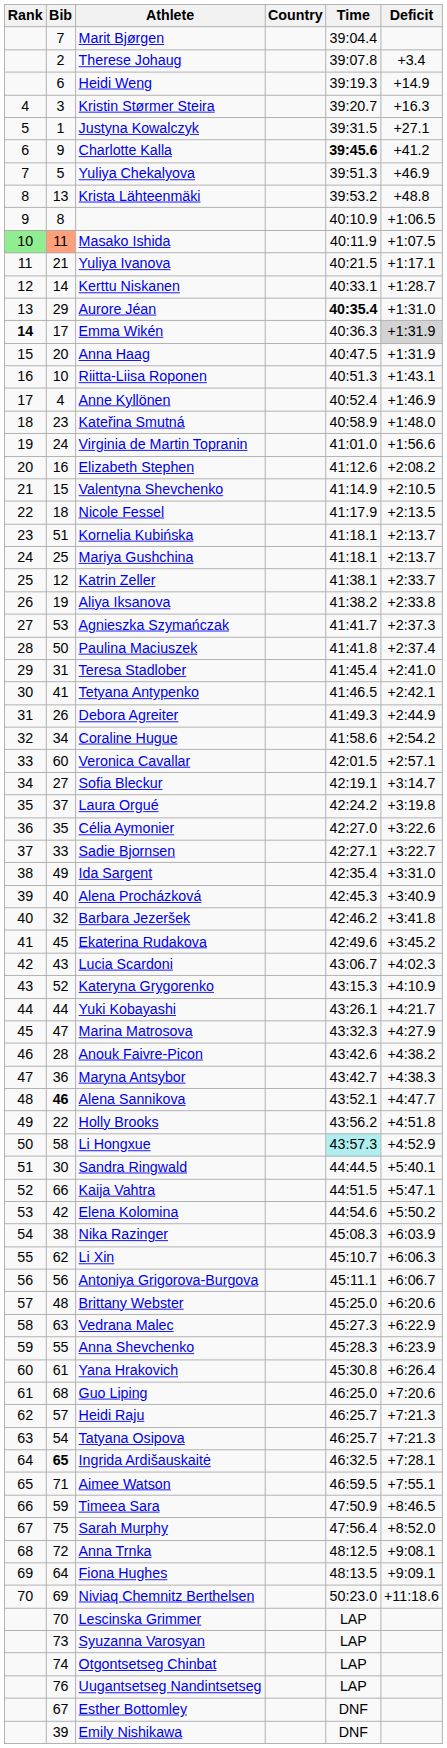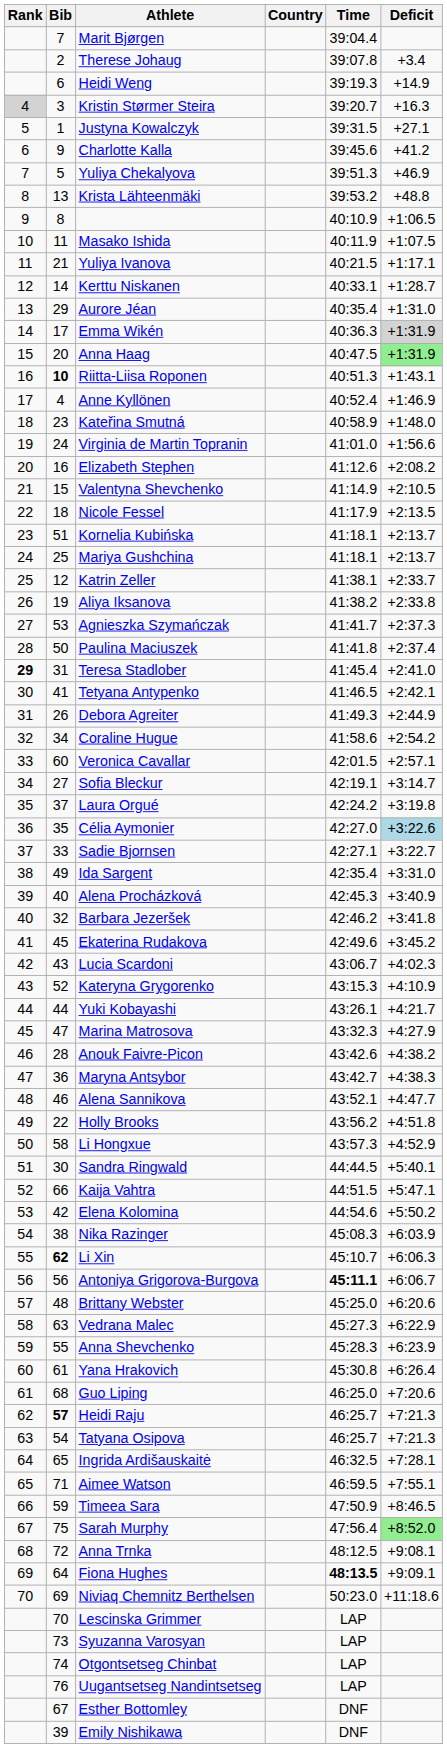 <table class="wikitable sortable" style="text-align:center">
 <tr>
 <th>Rank</th>
 <th>Bib</th>
 <th>Athlete</th>
 <th>Country</th>
 <th>Time</th>
 <th>Deficit</th>
 </tr>
 <tr>
 <td></td>
 <td>7</td>
 <td align=left><a href='#'>Marit Bjørgen</a></td>
 <td align=left></td>
 <td>39:04.4</td>
 <td></td>
 </tr>
 <tr>
 <td></td>
 <td>2</td>
 <td align=left><a href='#'>Therese Johaug</a></td>
 <td align=left></td>
 <td>39:07.8</td>
 <td>+3.4</td>
 </tr>
 <tr>
 <td></td>
 <td>6</td>
 <td align=left><a href='#'>Heidi Weng</a></td>
 <td align=left></td>
 <td>39:19.3</td>
 <td>+14.9</td>
 </tr>
 <tr>
-<td>4</td>
+<td style="background: lightgrey;">4</td>
 <td>3</td>
 <td align=left><a href='#'>Kristin Størmer Steira</a></td>
 <td align=left></td>
 <td>39:20.7</td>
 <td>+16.3</td>
 </tr>
 <tr>
 <td>5</td>
 <td>1</td>
 <td align=left><a href='#'>Justyna Kowalczyk</a></td>
 <td align=left></td>
 <td>39:31.5</td>
 <td>+27.1</td>
 </tr>
 <tr>
 <td>6</td>
 <td>9</td>
 <td align=left><a href='#'>Charlotte Kalla</a></td>
 <td align=left></td>
-<td><strong>39:45.6</strong></td>
+<td>39:45.6</td>
 <td>+41.2</td>
 </tr>
 <tr>
 <td>7</td>
 <td>5</td>
 <td align=left><a href='#'>Yuliya Chekalyova</a></td>
 <td align=left></td>
 <td>39:51.3</td>
 <td>+46.9</td>
 </tr>
 <tr>
 <td>8</td>
 <td>13</td>
 <td align=left><a href='#'>Krista Lähteenmäki</a></td>
 <td align=left></td>
 <td>39:53.2</td>
 <td>+48.8</td>
 </tr>
 <tr>
 <td>9</td>
 <td>8</td>
 <td align=left></td>
 <td align=left></td>
 <td>40:10.9</td>
 <td>+1:06.5</td>
 </tr>
 <tr>
-<td style="background: lightgreen;">10</td>
-<td style="background: lightsalmon;">11</td>
+<td>10</td>
+<td>11</td>
 <td align=left><a href='#'>Masako Ishida</a></td>
 <td align=left></td>
 <td>40:11.9</td>
 <td>+1:07.5</td>
 </tr>
 <tr>
 <td>11</td>
 <td>21</td>
 <td align=left><a href='#'>Yuliya Ivanova</a></td>
 <td align=left></td>
 <td>40:21.5</td>
 <td>+1:17.1</td>
 </tr>
 <tr>
 <td>12</td>
 <td>14</td>
 <td align=left><a href='#'>Kerttu Niskanen</a></td>
 <td align=left></td>
 <td>40:33.1</td>
 <td>+1:28.7</td>
 </tr>
 <tr>
 <td>13</td>
 <td>29</td>
 <td align=left><a href='#'>Aurore Jéan</a></td>
 <td align=left></td>
-<td><strong>40:35.4</strong></td>
+<td>40:35.4</td>
 <td>+1:31.0</td>
 </tr>
 <tr>
-<td><strong>14</strong></td>
+<td>14</td>
 <td>17</td>
 <td align=left><a href='#'>Emma Wikén</a></td>
 <td align=left></td>
 <td>40:36.3</td>
 <td style="background: lightgrey;">+1:31.9</td>
 </tr>
 <tr>
 <td>15</td>
 <td>20</td>
 <td align=left><a href='#'>Anna Haag</a></td>
 <td align=left></td>
 <td>40:47.5</td>
-<td>+1:31.9</td>
+<td style="background: lightgreen;">+1:31.9</td>
 </tr>
 <tr>
 <td>16</td>
-<td>10</td>
+<td><strong>10</strong></td>
 <td align=left><a href='#'>Riitta-Liisa Roponen</a></td>
 <td align=left></td>
 <td>40:51.3</td>
 <td>+1:43.1</td>
 </tr>
 <tr>
 <td>17</td>
 <td>4</td>
 <td align=left><a href='#'>Anne Kyllönen</a></td>
 <td align=left></td>
 <td>40:52.4</td>
 <td>+1:46.9</td>
 </tr>
 <tr>
 <td>18</td>
 <td>23</td>
 <td align=left><a href='#'>Kateřina Smutná</a></td>
 <td align=left></td>
 <td>40:58.9</td>
 <td>+1:48.0</td>
 </tr>
 <tr>
 <td>19</td>
 <td>24</td>
 <td align=left><a href='#'>Virginia de Martin Topranin</a></td>
 <td align=left></td>
 <td>41:01.0</td>
 <td>+1:56.6</td>
 </tr>
 <tr>
 <td>20</td>
 <td>16</td>
 <td align=left><a href='#'>Elizabeth Stephen</a></td>
 <td align=left></td>
 <td>41:12.6</td>
 <td>+2:08.2</td>
 </tr>
 <tr>
 <td>21</td>
 <td>15</td>
 <td align=left><a href='#'>Valentyna Shevchenko</a></td>
 <td align=left></td>
 <td>41:14.9</td>
 <td>+2:10.5</td>
 </tr>
 <tr>
 <td>22</td>
 <td>18</td>
 <td align=left><a href='#'>Nicole Fessel</a></td>
 <td align=left></td>
 <td>41:17.9</td>
 <td>+2:13.5</td>
 </tr>
 <tr>
 <td>23</td>
 <td>51</td>
 <td align=left><a href='#'>Kornelia Kubińska</a></td>
 <td align=left></td>
 <td>41:18.1</td>
 <td>+2:13.7</td>
 </tr>
 <tr>
 <td>24</td>
 <td>25</td>
 <td align=left><a href='#'>Mariya Gushchina</a></td>
 <td align=left></td>
 <td>41:18.1</td>
 <td>+2:13.7</td>
 </tr>
 <tr>
 <td>25</td>
 <td>12</td>
 <td align=left><a href='#'>Katrin Zeller</a></td>
 <td align=left></td>
 <td>41:38.1</td>
 <td>+2:33.7</td>
 </tr>
 <tr>
 <td>26</td>
 <td>19</td>
 <td align=left><a href='#'>Aliya Iksanova</a></td>
 <td align=left></td>
 <td>41:38.2</td>
 <td>+2:33.8</td>
 </tr>
 <tr>
 <td>27</td>
 <td>53</td>
 <td align=left><a href='#'>Agnieszka Szymańczak</a></td>
 <td align=left></td>
 <td>41:41.7</td>
 <td>+2:37.3</td>
 </tr>
 <tr>
 <td>28</td>
 <td>50</td>
 <td align=left><a href='#'>Paulina Maciuszek</a></td>
 <td align=left></td>
 <td>41:41.8</td>
 <td>+2:37.4</td>
 </tr>
 <tr>
-<td>29</td>
+<td><strong>29</strong></td>
 <td>31</td>
 <td align=left><a href='#'>Teresa Stadlober</a></td>
 <td align=left></td>
 <td>41:45.4</td>
 <td>+2:41.0</td>
 </tr>
 <tr>
 <td>30</td>
 <td>41</td>
 <td align=left><a href='#'>Tetyana Antypenko</a></td>
 <td align=left></td>
 <td>41:46.5</td>
 <td>+2:42.1</td>
 </tr>
 <tr>
 <td>31</td>
 <td>26</td>
 <td align=left><a href='#'>Debora Agreiter</a></td>
 <td align=left></td>
 <td>41:49.3</td>
 <td>+2:44.9</td>
 </tr>
 <tr>
 <td>32</td>
 <td>34</td>
 <td align=left><a href='#'>Coraline Hugue</a></td>
 <td align=left></td>
 <td>41:58.6</td>
 <td>+2:54.2</td>
 </tr>
 <tr>
 <td>33</td>
 <td>60</td>
 <td align=left><a href='#'>Veronica Cavallar</a></td>
 <td align=left></td>
 <td>42:01.5</td>
 <td>+2:57.1</td>
 </tr>
 <tr>
 <td>34</td>
 <td>27</td>
 <td align=left><a href='#'>Sofia Bleckur</a></td>
 <td align=left></td>
 <td>42:19.1</td>
 <td>+3:14.7</td>
 </tr>
 <tr>
 <td>35</td>
 <td>37</td>
 <td align=left><a href='#'>Laura Orgué</a></td>
 <td align=left></td>
 <td>42:24.2</td>
 <td>+3:19.8</td>
 </tr>
 <tr>
 <td>36</td>
 <td>35</td>
 <td align=left><a href='#'>Célia Aymonier</a></td>
 <td align=left></td>
 <td>42:27.0</td>
-<td>+3:22.6</td>
+<td style="background: lightblue;">+3:22.6</td>
 </tr>
 <tr>
 <td>37</td>
 <td>33</td>
 <td align=left><a href='#'>Sadie Bjornsen</a></td>
 <td align=left></td>
 <td>42:27.1</td>
 <td>+3:22.7</td>
 </tr>
 <tr>
 <td>38</td>
 <td>49</td>
 <td align=left><a href='#'>Ida Sargent</a></td>
 <td align=left></td>
 <td>42:35.4</td>
 <td>+3:31.0</td>
 </tr>
 <tr>
 <td>39</td>
 <td>40</td>
 <td align=left><a href='#'>Alena Procházková</a></td>
 <td align=left></td>
 <td>42:45.3</td>
 <td>+3:40.9</td>
 </tr>
 <tr>
 <td>40</td>
 <td>32</td>
 <td align=left><a href='#'>Barbara Jezeršek</a></td>
 <td align=left></td>
 <td>42:46.2</td>
 <td>+3:41.8</td>
 </tr>
 <tr>
 <td>41</td>
 <td>45</td>
 <td align=left><a href='#'>Ekaterina Rudakova</a></td>
 <td align=left></td>
 <td>42:49.6</td>
 <td>+3:45.2</td>
 </tr>
 <tr>
 <td>42</td>
 <td>43</td>
 <td align=left><a href='#'>Lucia Scardoni</a></td>
 <td align=left></td>
 <td>43:06.7</td>
 <td>+4:02.3</td>
 </tr>
 <tr>
 <td>43</td>
 <td>52</td>
 <td align=left><a href='#'>Kateryna Grygorenko</a></td>
 <td align=left></td>
 <td>43:15.3</td>
 <td>+4:10.9</td>
 </tr>
 <tr>
 <td>44</td>
 <td>44</td>
 <td align=left><a href='#'>Yuki Kobayashi</a></td>
 <td align=left></td>
 <td>43:26.1</td>
 <td>+4:21.7</td>
 </tr>
 <tr>
 <td>45</td>
 <td>47</td>
 <td align=left><a href='#'>Marina Matrosova</a></td>
 <td align=left></td>
 <td>43:32.3</td>
 <td>+4:27.9</td>
 </tr>
 <tr>
 <td>46</td>
 <td>28</td>
 <td align=left><a href='#'>Anouk Faivre-Picon</a></td>
 <td align=left></td>
 <td>43:42.6</td>
 <td>+4:38.2</td>
 </tr>
 <tr>
 <td>47</td>
 <td>36</td>
 <td align=left><a href='#'>Maryna Antsybor</a></td>
 <td align=left></td>
 <td>43:42.7</td>
 <td>+4:38.3</td>
 </tr>
 <tr>
 <td>48</td>
-<td><strong>46</strong></td>
+<td>46</td>
 <td align=left><a href='#'>Alena Sannikova</a></td>
 <td align=left></td>
 <td>43:52.1</td>
 <td>+4:47.7</td>
 </tr>
 <tr>
 <td>49</td>
 <td>22</td>
 <td align=left><a href='#'>Holly Brooks</a></td>
 <td align=left></td>
 <td>43:56.2</td>
 <td>+4:51.8</td>
 </tr>
 <tr>
 <td>50</td>
 <td>58</td>
 <td align=left><a href='#'>Li Hongxue</a></td>
 <td align=left></td>
-<td style="background: paleturquoise;">43:57.3</td>
+<td>43:57.3</td>
 <td>+4:52.9</td>
 </tr>
 <tr>
 <td>51</td>
 <td>30</td>
 <td align=left><a href='#'>Sandra Ringwald</a></td>
 <td align=left></td>
 <td>44:44.5</td>
 <td>+5:40.1</td>
 </tr>
 <tr>
 <td>52</td>
 <td>66</td>
 <td align=left><a href='#'>Kaija Vahtra</a></td>
 <td align=left></td>
 <td>44:51.5</td>
 <td>+5:47.1</td>
 </tr>
 <tr>
 <td>53</td>
 <td>42</td>
 <td align=left><a href='#'>Elena Kolomina</a></td>
 <td align=left></td>
 <td>44:54.6</td>
 <td>+5:50.2</td>
 </tr>
 <tr>
 <td>54</td>
 <td>38</td>
 <td align=left><a href='#'>Nika Razinger</a></td>
 <td align=left></td>
 <td>45:08.3</td>
 <td>+6:03.9</td>
 </tr>
 <tr>
 <td>55</td>
-<td>62</td>
+<td><strong>62</strong></td>
 <td align=left><a href='#'>Li Xin</a></td>
 <td align=left></td>
 <td>45:10.7</td>
 <td>+6:06.3</td>
 </tr>
 <tr>
 <td>56</td>
 <td>56</td>
 <td align=left><a href='#'>Antoniya Grigorova-Burgova</a></td>
 <td align=left></td>
-<td>45:11.1</td>
+<td><strong>45:11.1</strong></td>
 <td>+6:06.7</td>
 </tr>
 <tr>
 <td>57</td>
 <td>48</td>
 <td align=left><a href='#'>Brittany Webster</a></td>
 <td align=left></td>
 <td>45:25.0</td>
 <td>+6:20.6</td>
 </tr>
 <tr>
 <td>58</td>
 <td>63</td>
 <td align=left><a href='#'>Vedrana Malec</a></td>
 <td align=left></td>
 <td>45:27.3</td>
 <td>+6:22.9</td>
 </tr>
 <tr>
 <td>59</td>
 <td>55</td>
 <td align=left><a href='#'>Anna Shevchenko</a></td>
 <td align=left></td>
 <td>45:28.3</td>
 <td>+6:23.9</td>
 </tr>
 <tr>
 <td>60</td>
 <td>61</td>
 <td align=left><a href='#'>Yana Hrakovich</a></td>
 <td align=left></td>
 <td>45:30.8</td>
 <td>+6:26.4</td>
 </tr>
 <tr>
 <td>61</td>
 <td>68</td>
 <td align=left><a href='#'>Guo Liping</a></td>
 <td align=left></td>
 <td>46:25.0</td>
 <td>+7:20.6</td>
 </tr>
 <tr>
 <td>62</td>
-<td>57</td>
+<td><strong>57</strong></td>
 <td align=left><a href='#'>Heidi Raju</a></td>
 <td align=left></td>
 <td>46:25.7</td>
 <td>+7:21.3</td>
 </tr>
 <tr>
 <td>63</td>
 <td>54</td>
 <td align=left><a href='#'>Tatyana Osipova</a></td>
 <td align=left></td>
 <td>46:25.7</td>
 <td>+7:21.3</td>
 </tr>
 <tr>
 <td>64</td>
-<td><strong>65</strong></td>
+<td>65</td>
 <td align=left><a href='#'>Ingrida Ardišauskaitė</a></td>
 <td align=left></td>
 <td>46:32.5</td>
 <td>+7:28.1</td>
 </tr>
 <tr>
 <td>65</td>
 <td>71</td>
 <td align=left><a href='#'>Aimee Watson</a></td>
 <td align=left></td>
 <td>46:59.5</td>
 <td>+7:55.1</td>
 </tr>
 <tr>
 <td>66</td>
 <td>59</td>
 <td align=left><a href='#'>Timeea Sara</a></td>
 <td align=left></td>
 <td>47:50.9</td>
 <td>+8:46.5</td>
 </tr>
 <tr>
 <td>67</td>
 <td>75</td>
 <td align=left><a href='#'>Sarah Murphy</a></td>
 <td align=left></td>
 <td>47:56.4</td>
-<td>+8:52.0</td>
+<td style="background: lightgreen;">+8:52.0</td>
 </tr>
 <tr>
 <td>68</td>
 <td>72</td>
 <td align=left><a href='#'>Anna Trnka</a></td>
 <td align=left></td>
 <td>48:12.5</td>
 <td>+9:08.1</td>
 </tr>
 <tr>
 <td>69</td>
 <td>64</td>
 <td align=left><a href='#'>Fiona Hughes</a></td>
 <td align=left></td>
-<td>48:13.5</td>
+<td><strong>48:13.5</strong></td>
 <td>+9:09.1</td>
 </tr>
 <tr>
 <td>70</td>
 <td>69</td>
 <td align=left><a href='#'>Niviaq Chemnitz Berthelsen</a></td>
 <td align=left></td>
 <td>50:23.0</td>
 <td>+11:18.6</td>
 </tr>
 <tr>
 <td></td>
 <td>70</td>
 <td align=left><a href='#'>Lescinska Grimmer</a></td>
 <td align=left></td>
 <td>LAP</td>
 <td></td>
 </tr>
 <tr>
 <td></td>
 <td>73</td>
 <td align=left><a href='#'>Syuzanna Varosyan</a></td>
 <td align=left></td>
 <td>LAP</td>
 <td></td>
 </tr>
 <tr>
 <td></td>
 <td>74</td>
 <td align=left><a href='#'>Otgontsetseg Chinbat</a></td>
 <td align=left></td>
 <td>LAP</td>
 <td></td>
 </tr>
 <tr>
 <td></td>
 <td>76</td>
 <td align=left><a href='#'>Uugantsetseg Nandintsetseg</a></td>
 <td align=left></td>
 <td>LAP</td>
 <td></td>
 </tr>
 <tr>
 <td></td>
 <td>67</td>
 <td align=left><a href='#'>Esther Bottomley</a></td>
 <td align=left></td>
 <td>DNF</td>
 <td></td>
 </tr>
 <tr>
 <td></td>
 <td>39</td>
 <td align=left><a href='#'>Emily Nishikawa</a></td>
 <td align=left></td>
 <td>DNF</td>
 <td></td>
 </tr>
 </table>
